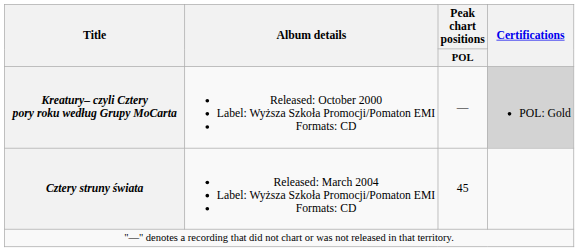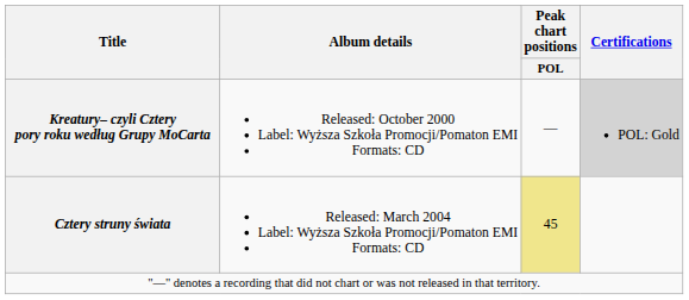 <table class="wikitable plainrowheaders" style="text-align:center;">
 <tr>
 <th scope="col" rowspan="2" style="width:15em;">Title</th>
 <th scope="col" rowspan="2">Album details</th>
 <th scope="col" colspan="1">Peak chart positions</th>
 <th scope="col" rowspan="2"><a href='#'>Certifications</a></th>
 </tr>
 <tr>
 <th scope="col" style="width:3em;font-size:90%;">POL<br></th>
 </tr>
 <tr>
 <th scope="row"><em>Kreatury– czyli Cztery<br>pory roku według Grupy MoCarta</em></th>
 <td><br><ul><li>Released: October 2000</li><li>Label: Wyższa Szkoła Promocji/Pomaton EMI</li><li>Formats: CD</li></ul></td>
 <td>—</td>
 <td style="background: lightgrey;"><br><ul><li>POL: Gold</li></ul></td>
 </tr>
 <tr>
 <th scope="row"><em>Cztery struny świata</em></th>
 <td><br><ul><li>Released: March 2004</li><li>Label: Wyższa Szkoła Promocji/Pomaton EMI</li><li>Formats: CD</li></ul></td>
-<td>45</td>
+<td style="background: khaki;">45</td>
 <td></td>
 </tr>
 <tr>
 <td colspan="20" style="font-size:90%">"—" denotes a recording that did not chart or was not released in that territory.</td>
 </tr>
 </table>
